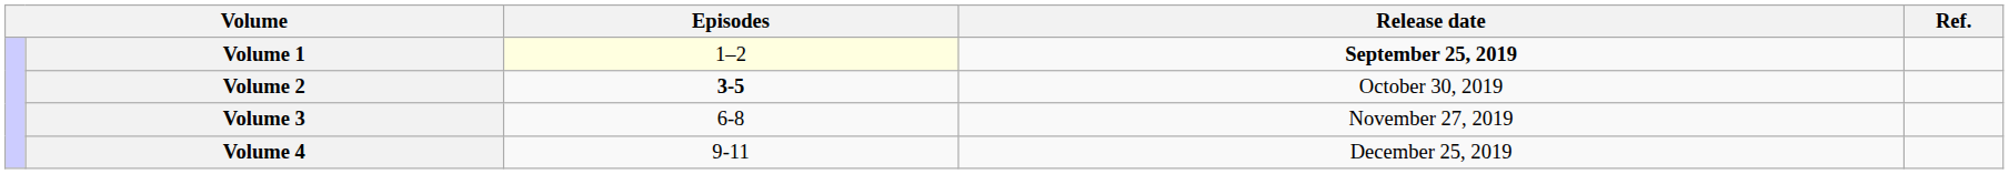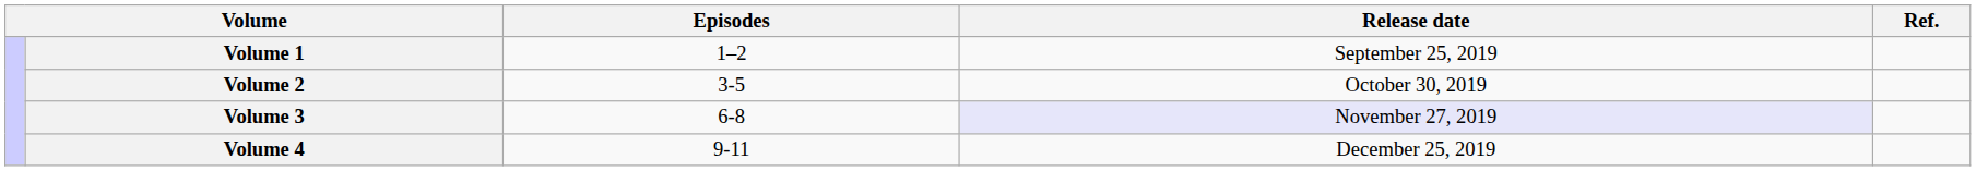 <table class="wikitable" style="text-align: center; width: 98%;">
 <tr>
 <th scope="column" colspan="2">Volume</th>
 <th scope="column">Episodes</th>
 <th scope="column">Release date</th>
 <th scope="column" width="5%">Ref.</th>
 </tr>
 <tr>
 <td rowspan="4" width="1%" style="background: #CCCCFF;"></td>
 <th scope="row">Volume 1</th>
-<td style="background: lightyellow;">1–2</td>
-<td><strong>September 25, 2019</strong></td>
+<td>1–2</td>
+<td>September 25, 2019</td>
 <td></td>
 </tr>
 <tr>
 <th scope="row">Volume 2</th>
-<td><strong>3-5</strong></td>
+<td>3-5</td>
 <td>October 30, 2019</td>
 <td></td>
 </tr>
 <tr>
 <th scope="row">Volume 3</th>
 <td>6-8</td>
-<td>November 27, 2019</td>
+<td style="background: lavender;">November 27, 2019</td>
 <td></td>
 </tr>
 <tr>
 <th scope="row">Volume 4</th>
 <td>9-11</td>
 <td>December 25, 2019</td>
 <td></td>
 </tr>
 </table>
